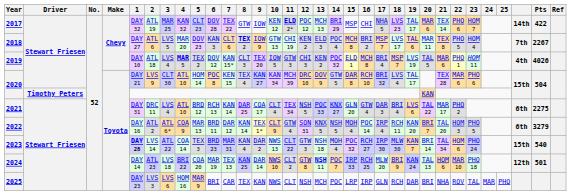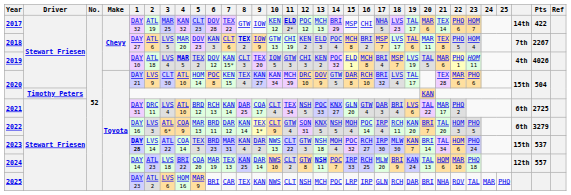 <table class="wikitable" style="text-align:center; font-size:75%">
 <tr>
 <th>Year</th>
 <th>Driver</th>
 <th>No.</th>
 <th>Make</th>
 <th>1</th>
 <th>2</th>
 <th>3</th>
 <th>4</th>
 <th>5</th>
 <th>6</th>
 <th>7</th>
 <th>8</th>
 <th>9</th>
 <th>10</th>
 <th>11</th>
 <th>12</th>
 <th>13</th>
 <th>14</th>
 <th>15</th>
 <th>16</th>
 <th>17</th>
 <th>18</th>
 <th>19</th>
 <th>20</th>
 <th>21</th>
 <th>22</th>
 <th>23</th>
 <th>24</th>
 <th>25</th>
 <th></th>
 <th>Pts</th>
 <th>Ref</th>
 </tr>
 <tr>
 <th><a href='#'>2017</a></th>
 <th rowspan="4"><a href='#'>Stewart Friesen</a></th>
 <th rowspan="10">52</th>
 <th rowspan="3"><a href='#'>Chevy</a></th>
 <td style="background:#EFCFFF;"><a href='#'>DAY</a><br><small>32</small></td>
 <td style="background:#DFFFDF;"><a href='#'>ATL</a><br><small>19</small></td>
 <td style="background:#CFCFFF;"><a href='#'>MAR</a><br><small>25</small></td>
 <td style="background:#EFCFFF;"><a href='#'>KAN</a><br><small>32</small></td>
 <td style="background:#CFCFFF;"><a href='#'>CLT</a><br><small>23</small></td>
 <td style="background:#EFCFFF;"><a href='#'>DOV</a><br><small>28</small></td>
 <td style="background:#EFCFFF;"><a href='#'>TEX</a><br><small>22</small></td>
 <td><a href='#'>GTW</a></td>
 <td><a href='#'>IOW</a></td>
 <td style="background:#DFFFDF;"><a href='#'>KEN</a><br><small>12</small></td>
 <td style="background:#DFDFDF;"><strong><a href='#'>ELD</a></strong><br><small>2*</small></td>
 <td style="background:#DFFFDF;"><a href='#'>POC</a><br><small>12</small></td>
 <td style="background:#DFFFDF;"><a href='#'>MCH</a><br><small>13</small></td>
 <td style="background:#EFCFFF;"><a href='#'>BRI</a><br><small>29</small></td>
 <td><a href='#'>MSP</a></td>
 <td><a href='#'>CHI</a></td>
 <td style="background:#DFDFDF;"><a href='#'>NHA</a><br><small>5</small></td>
 <td style="background:#EFCFFF;"><a href='#'>LVS</a><br><small>23</small></td>
 <td style="background:#DFFFDF;"><a href='#'>TAL</a><br><small>17</small></td>
 <td style="background:#FFDF9F;"><a href='#'>MAR</a><br><small>6</small></td>
 <td style="background:#DFFFDF;"><a href='#'>TEX</a><br><small>14</small></td>
 <td style="background:#FFDF9F;"><a href='#'>PHO</a><br><small>6</small></td>
 <td style="background:#FFDF9F;"><a href='#'>HOM</a><br><small>7</small></td>
 <td colspan="2"></td>
 <th>14th</th>
 <th>422</th>
 <th></th>
 </tr>
 <tr>
 <th><a href='#'>2018</a></th>
 <td style="background:#EFCFFF;"><a href='#'>DAY</a><br><small>27</small></td>
 <td style="background:#FFDF9F;"><a href='#'>ATL</a><br><small>6</small></td>
 <td style="background:#DFDFDF;"><a href='#'>LVS</a><br><small>5</small></td>
 <td style="background:#DFFFDF;"><a href='#'>MAR</a><br><small>20</small></td>
 <td style="background:#EFCFFF;"><a href='#'>DOV</a><br><small>23</small></td>
 <td style="background:#DFDFDF;"><a href='#'>KAN</a><br><small>3</small></td>
 <td style="background:#FFDF9F;"><a href='#'>CLT</a><br><small>6</small></td>
 <td style="background:#DFDFDF;"><strong><a href='#'>TEX</a></strong><br><small>2</small></td>
 <td style="background:#FFDF9F;"><a href='#'>IOW</a><br><small>9</small></td>
 <td style="background:#DFFFDF;"><a href='#'>GTW</a><br><small>13</small></td>
 <td style="background:#DFFFDF;"><a href='#'>CHI</a><br><small>19</small></td>
 <td style="background:#DFDFDF;"><a href='#'>KEN</a><br><small>2</small></td>
 <td style="background:#DFDFDF;"><a href='#'>ELD</a><br><small>3</small></td>
 <td style="background:#DFDFDF;"><a href='#'>POC</a><br><small>4</small></td>
 <td style="background:#FFDF9F;"><a href='#'>MCH</a><br><small>8</small></td>
 <td style="background:#DFDFDF;"><a href='#'>BRI</a><br><small>2</small></td>
 <td style="background:#FFDF9F;"><a href='#'>MSP</a><br><small>7</small></td>
 <td style="background:#DFFFDF;"><a href='#'>LVS</a><br><small>17</small></td>
 <td style="background:#FFDF9F;"><a href='#'>TAL</a><br><small>6</small></td>
 <td style="background:#DFFFDF;"><a href='#'>MAR</a><br><small>11</small></td>
 <td style="background:#FFDF9F;"><a href='#'>TEX</a><br><small>8</small></td>
 <td style="background:#DFDFDF;"><a href='#'>PHO</a><br><small>5</small></td>
 <td style="background:#DFDFDF;"><a href='#'>HOM</a><br><small>4</small></td>
 <td colspan="2"></td>
 <th>7th</th>
 <th>2267</th>
 <th></th>
 </tr>
 <tr>
 <th><a href='#'>2019</a></th>
 <td style="background:#EFCFFF;"><a href='#'>DAY</a><br><small>10</small></td>
 <td style="background:#DFFFDF;"><a href='#'>ATL</a><br><small>18</small></td>
 <td style="background:#DFDFDF;"><a href='#'>LVS</a><br><small>4</small></td>
 <td style="background:#DFDFDF;"><strong><a href='#'>MAR</a></strong><br><small>5</small></td>
 <td style="background:#DFDFDF;"><a href='#'>TEX</a><br><small>2</small></td>
 <td style="background:#DFFFDF;"><a href='#'>DOV</a><br><small>12</small></td>
 <td style="background:#DFFFDF;"><a href='#'>KAN</a><br><small>15*</small></td>
 <td style="background:#DFDFDF;"><a href='#'>CLT</a><br><small>3</small></td>
 <td style="background:#EFCFFF;"><a href='#'>TEX</a><br><small>20</small></td>
 <td style="background:#DFDFDF;"><a href='#'>IOW</a><br><small>5</small></td>
 <td style="background:#DFDFDF;"><a href='#'>GTW</a><br><small>3</small></td>
 <td style="background:#DFDFDF;"><a href='#'>CHI</a><br><small>3</small></td>
 <td style="background:#DFDFDF;"><a href='#'>KEN</a><br><small>2</small></td>
 <td style="background:#EFCFFF;"><a href='#'>POC</a><br><small>32</small></td>
 <td style="background:#FFFFBF;"><a href='#'>ELD</a><br><small>1</small></td>
 <td style="background:#FFDF9F;"><a href='#'>MCH</a><br><small>8</small></td>
 <td style="background:#DFDFDF;"><a href='#'>BRI</a><br><small>4</small></td>
 <td style="background:#FFDF9F;"><a href='#'>MSP</a><br><small>7</small></td>
 <td style="background:#DFFFDF;"><a href='#'>LVS</a><br><small>19</small></td>
 <td style="background:#DFDFDF;"><a href='#'>TAL</a><br><small>5</small></td>
 <td style="background:#FFDF9F;"><a href='#'>MAR</a><br><small>6</small></td>
 <td style="background:#FFFFBF;"><a href='#'>PHO</a><br><small>1</small></td>
 <td style="background:#DFFFDF;"><em><a href='#'>HOM</a></em><br><small>11</small></td>
 <td colspan="2"></td>
 <th>4th</th>
 <th>4026</th>
 <th></th>
 </tr>
 <tr>
 <th rowspan=2><a href='#'>2020</a></th>
 <th rowspan="7"><a href='#'>Toyota</a></th>
 <td style="background:#CFCFFF;"><a href='#'>DAY</a><br><small>21</small></td>
 <td style="background:#FFDF9F;"><a href='#'>LVS</a><br><small>9</small></td>
 <td style="background:#CFCFFF;"><a href='#'>CLT</a><br><small>30</small></td>
 <td style="background:#FFDF9F;"><a href='#'>ATL</a><br><small>10</small></td>
 <td style="background:#DFFFDF;"><a href='#'>HOM</a><br><small>14</small></td>
 <td style="background:#FFDF9F;"><a href='#'>POC</a><br><small>8</small></td>
 <td style="background:#DFFFDF;"><a href='#'>KEN</a><br><small>15</small></td>
 <td style="background:#DFDFDF;"><a href='#'>TEX</a><br><small>4</small></td>
 <td style="background:#CFCFFF;"><a href='#'>KAN</a><br><small>27</small></td>
 <td style="background:#EFCFFF;"><a href='#'>KAN</a><br><small>34</small></td>
 <td style="background:#EFCFFF;"><a href='#'>MCH</a><br><small>39</small></td>
 <td style="background:#FFDF9F;"><a href='#'>DRC</a><br><small>10</small></td>
 <td style="background:#FFDF9F;"><a href='#'>DOV</a><br><small>9</small></td>
 <td style="background:#DFDFDF;"><a href='#'>GTW</a><br><small>5</small></td>
 <td style="background:#FFDF9F;"><a href='#'>DAR</a><br><small>8</small></td>
 <td style="background:#FFDF9F;"><a href='#'>RCH</a><br><small>10</small></td>
 <td style="background:#CFCFFF;"><a href='#'>BRI</a><br><small>32</small></td>
 <td style="background:#DFDFDF;"><a href='#'>LVS</a><br><small>4</small></td>
 <td style="background:#DFFFDF;"><a href='#'>TAL</a><br><small>17</small></td>
 <td></td>
 <td style="background:#EFCFFF;"><a href='#'>TEX</a><br><small>28</small></td>
 <td style="background:#FFDF9F;"><a href='#'>MAR</a><br><small>6</small></td>
 <td style="background:#FFDF9F;"><a href='#'>PHO</a><br><small>6</small></td>
 <td colspan="2"></td>
 <th rowspan=2>15th</th>
 <th rowspan=2>504</th>
 <th rowspan=2></th>
 </tr>
 <tr>
 <th><a href='#'>Timothy Peters</a></th>
 <td colspan=19></td>
 <td style="background:#FFDF9F;"><a href='#'>KAN</a><br></td>
 <td colspan=5></td>
 </tr>
 <tr>
 <th><a href='#'>2021</a></th>
 <th rowspan="5"><a href='#'>Stewart Friesen</a></th>
 <td style="background:#EFCFFF;"><a href='#'>DAY</a><br><small>31</small></td>
 <td style="background:#DFFFDF;"><a href='#'>DRC</a><br><small>11</small></td>
 <td style="background:#DFDFDF;"><a href='#'>LVS</a><br><small>4</small></td>
 <td style="background:#FFDF9F;"><a href='#'>ATL</a><br><small>10</small></td>
 <td style="background:#DFFFDF;"><a href='#'>BRD</a><br><small>12</small></td>
 <td style="background:#DFFFDF;"><a href='#'>RCH</a><br><small>13</small></td>
 <td style="background:#DFFFDF;"><a href='#'>KAN</a><br><small>14</small></td>
 <td style="background:#EFCFFF;"><a href='#'>DAR</a><br><small>25</small></td>
 <td style="background:#DFFFDF;"><a href='#'>COA</a><br><small>17</small></td>
 <td style="background:#DFDFDF;"><a href='#'>CLT</a><br><small>4</small></td>
 <td style="background:#EFCFFF;"><a href='#'>TEX</a><br><small>34</small></td>
 <td style="background:#DFDFDF;"><a href='#'>NSH</a><br><small>5</small></td>
 <td style="background:#CFCFFF;"><a href='#'>POC</a><br><small>33</small></td>
 <td style="background:#CFCFFF;"><a href='#'>KNX</a><br><small>27</small></td>
 <td style="background:#DFFFDF;"><a href='#'>GLN</a><br><small>20</small></td>
 <td style="background:#DFDFDF;"><a href='#'>GTW</a><br><small>4</small></td>
 <td style="background:#DFDFDF;"><a href='#'>DAR</a><br><small>3</small></td>
 <td style="background:#DFDFDF;"><a href='#'>BRI</a><br><small>4</small></td>
 <td style="background:#FFDF9F;"><a href='#'>LVS</a><br><small>6</small></td>
 <td style="background:#EFCFFF;"><a href='#'>TAL</a><br><small>22</small></td>
 <td style="background:#DFFFDF;"><a href='#'>MAR</a><br><small>17</small></td>
 <td style="background:#DFDFDF;"><a href='#'>PHO</a><br><small>2</small></td>
 <td colspan="3"></td>
 <th>6th</th>
-<th>2275</th>
+<th>2725</th>
 <th></th>
 </tr>
 <tr>
 <th><a href='#'>2022</a></th>
 <td style="background:#DFFFDF;"><a href='#'>DAY</a><br><small>16</small></td>
-<td style="background:#DFDFDF;"><a href='#'>ATL</a><br><small>2</small></td>
+<td style="background:#DFDFDF;"><a href='#'>LVS</a><br><small>3</small></td>
 <td style="background:#FFDF9F;"><a href='#'>ATL</a><br><small>6*</small></td>
 <td style="background:#FFDF9F;"><a href='#'>COA</a><br><small>9</small></td>
 <td style="background:#DFFFDF;"><a href='#'>MAR</a><br><small>13</small></td>
 <td style="background:#DFFFDF;"><a href='#'>BRD</a><br><small>11</small></td>
 <td style="background:#DFFFDF;"><a href='#'>DAR</a><br><small>12</small></td>
 <td style="background:#DFFFDF;"><a href='#'>KAN</a><br><small>14</small></td>
 <td style="background:#FFFFBF;"><a href='#'>TEX</a><br><small>1*</small></td>
 <td style="background:#FFDF9F;"><a href='#'>CLT</a><br><small>9</small></td>
 <td style="background:#DFDFDF;"><a href='#'>GTW</a><br><small>4</small></td>
 <td style="background:#EFCFFF;"><a href='#'>SON</a><br><small>31</small></td>
 <td style="background:#DFDFDF;"><a href='#'>KNX</a><br><small>5</small></td>
 <td style="background:#DFDFDF;"><a href='#'>NSH</a><br><small>5</small></td>
 <td style="background:#DFDFDF;"><a href='#'>MOH</a><br><small>4</small></td>
 <td style="background:#DFFFDF;"><a href='#'>POC</a><br><small>14</small></td>
 <td style="background:#DFDFDF;"><a href='#'>IRP</a><br><small>4</small></td>
 <td style="background:#DFFFDF;"><a href='#'>RCH</a><br><small>11</small></td>
 <td style="background:#DFFFDF;"><a href='#'>KAN</a><br><small>20</small></td>
 <td style="background:#FFDF9F;"><a href='#'>BRI</a><br><small>7</small></td>
 <td style="background:#DFFFDF;"><a href='#'>TAL</a> <br><small>20</small></td>
 <td style="background:#DFDFDF;"><a href='#'>HOM</a> <br><small>3</small></td>
 <td style="background:#DFDFDF;"><a href='#'>PHO</a> <br><small>5</small></td>
 <td colspan="2"></td>
 <th>6th</th>
 <th>3279</th>
 <th></th>
 </tr>
 <tr>
 <th><a href='#'>2023</a></th>
 <td style="background:#CFCFFF;"><strong><a href='#'>DAY</a><br><small>28</small></strong></td>
 <td style="background:#DFFFDF;"><a href='#'>LVS</a><br><small>14</small></td>
 <td style="background:#CFCFFF;"><a href='#'>ATL</a><br><small>22</small></td>
 <td style="background:#DFFFDF;"><a href='#'>COA</a><br><small>14</small></td>
 <td style="background:#DFDFDF;"><a href='#'>TEX</a><br><small>3</small></td>
 <td style="background:#CFCFFF;"><a href='#'>BRD</a><br><small>23</small></td>
 <td style="background:#CFCFFF;"><a href='#'>MAR</a><br><small>31</small></td>
 <td style="background:#DFDFDF;"><a href='#'>KAN</a><br><small>4</small></td>
 <td style="background:#DFDFDF;"><a href='#'>DAR</a><br><small>2</small></td>
 <td style="background:#DFFFDF;"><a href='#'>NWS</a><br><small>13</small></td>
 <td style="background:#CFCFFF;"><a href='#'>CLT</a><br><small>22</small></td>
 <td style="background:#DFDFDF;"><a href='#'>GTW</a><br><small>3</small></td>
 <td style="background:#DFFFDF;"><a href='#'>NSH</a><br><small>18</small></td>
 <td style="background:#DFDFDF;"><a href='#'>MOH</a><br><small>4</small></td>
 <td style="background:#EFCFFF;"><a href='#'>POC</a><br><small>32</small></td>
 <td style="background:#CFCFFF;"><a href='#'>RCH</a><br><small>27</small></td>
 <td style="background:#CFCFFF;"><a href='#'>IRP</a><br><small>30</small></td>
 <td style="background:#CFCFFF;"><a href='#'>MLW</a><br><small>30</small></td>
 <td style="background:#FFDF9F;"><a href='#'>KAN</a><br><small>7</small></td>
 <td style="background:#DFFFDF;"><a href='#'>BRI</a><br><small>14</small></td>
 <td style="background:#EFCFFF;"><a href='#'>TAL</a><br><small>34</small></td>
 <td style="background:#FFDF9F;"><a href='#'>HOM</a><br><small>6</small></td>
 <td style="background:#CFCFFF;"><a href='#'>PHO</a><br><small>24</small></td>
 <td colspan="2"></td>
 <th>15th</th>
-<th>540</th>
+<th>537</th>
 <th></th>
 </tr>
 <tr>
 <th><a href='#'>2024</a></th>
 <td style="background:#DFFFDF;"><a href='#'>DAY</a><br><small>14</small></td>
 <td style="background:#CFCFFF;"><a href='#'>ATL</a><br><small>23</small></td>
 <td style="background:#DFFFDF;"><a href='#'>LVS</a><br><small>18</small></td>
 <td style="background:#CFCFFF;"><a href='#'>BRI</a><br><small>22</small></td>
 <td style="background:#DFFFDF;"><a href='#'>COA</a><br><small>20</small></td>
 <td style="background:#DFFFDF;"><a href='#'>MAR</a><br><small>19</small></td>
 <td style="background:#DFFFDF;"><a href='#'>TEX</a><br><small>13</small></td>
 <td style="background:#CFCFFF;"><a href='#'>KAN</a><br><small>25</small></td>
 <td style="background:#DFFFDF;"><a href='#'>DAR</a><br><small>14</small></td>
 <td style="background:#FFDF9F;"><a href='#'>NWS</a><br><small>10</small></td>
 <td style="background:#DFDFDF;"><a href='#'>CLT</a><br><small>2</small></td>
 <td style="background:#FFDF9F;"><a href='#'>GTW</a><br><small>8</small></td>
 <td style="background:#DFFFDF;"><strong><a href='#'>NSH</a></strong><br><small>11</small></td>
 <td style="background:#FFDF9F;"><a href='#'>POC</a><br><small>7</small></td>
 <td style="background:#CFCFFF;"><a href='#'>IRP</a><br><small>33</small></td>
 <td style="background:#CFCFFF;"><a href='#'>RCH</a><br><small>25</small></td>
 <td style="background:#DFFFDF;"><a href='#'>MLW</a><br><small>20</small></td>
 <td style="background:#FFDF9F;"><a href='#'>BRI</a><br><small>9</small></td>
 <td style="background:#CFCFFF;"><a href='#'>KAN</a><br><small>24</small></td>
 <td style="background:#DFFFDF;"><a href='#'>TAL</a><br><small>13</small></td>
 <td style="background:#FFDF9F;"><a href='#'>HOM</a><br><small>6</small></td>
 <td style="background:#FFDF9F;"><a href='#'>MAR</a><br><small>10</small></td>
 <td style="background:#DFFFDF;"><a href='#'>PHO</a><br><small>18</small></td>
 <td colspan="2"></td>
 <th>12th</th>
-<th>501</th>
+<th>557</th>
 <th></th>
 </tr>
 <tr>
 <th><a href='#'>2025</a></th>
 <td style="background:#CFCFFF;"><a href='#'>DAY</a><br><small>23</small></td>
-<td style="background:#DFDFDF;"><a href='#'>LVS</a><br><small>3</small></td>
+<td style="background:#DFDFDF;"><a href='#'>ATL</a><br><small>2</small></td>
 <td style="background:#FFDF9F;"><a href='#'>LVS</a><br><small>6</small></td>
 <td style="background:#DFFFDF;"><a href='#'>HOM</a><br><small>16</small></td>
 <td style="background:#FFDF9F;"><a href='#'>MAR</a><br><small>9</small></td>
 <td><a href='#'>BRI</a></td>
 <td><a href='#'>CAR</a></td>
 <td><a href='#'>TEX</a></td>
 <td><a href='#'>KAN</a></td>
 <td><a href='#'>NWS</a></td>
 <td><a href='#'>CLT</a></td>
 <td><a href='#'>NSH</a></td>
 <td><a href='#'>MCH</a></td>
 <td><a href='#'>POC</a></td>
 <td><a href='#'>LRP</a></td>
 <td><a href='#'>IRP</a></td>
 <td><a href='#'>GLN</a></td>
 <td><a href='#'>RCH</a></td>
 <td><a href='#'>DAR</a></td>
 <td><a href='#'>BRI</a></td>
 <td><a href='#'>NHA</a></td>
 <td><a href='#'>ROV</a></td>
 <td><a href='#'>TAL</a></td>
 <td><a href='#'>MAR</a></td>
 <td><a href='#'>PHO</a></td>
 <th></th>
 <th></th>
 <th></th>
 </tr>
 </table>
